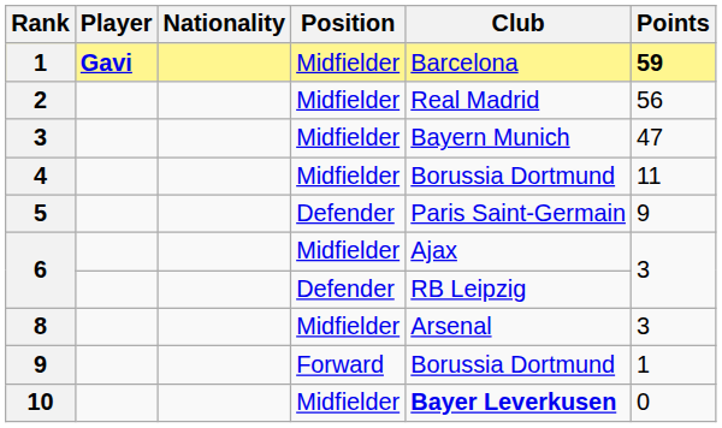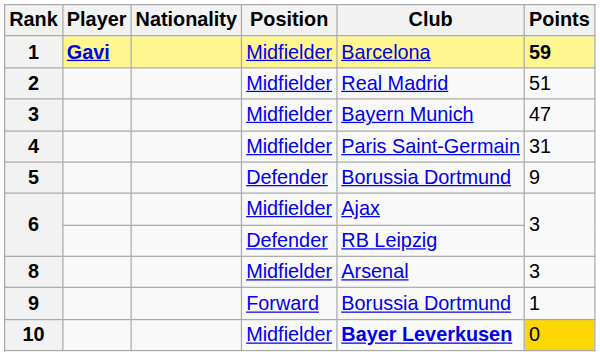 <table class="wikitable sortable">
 <tr>
 <th scope="col">Rank</th>
 <th scope="col">Player</th>
 <th scope="col">Nationality</th>
 <th scope="col">Position</th>
 <th scope="col">Club</th>
 <th scope="col">Points</th>
 </tr>
 <tr style="background-color:#FFF68F">
 <th scope="row">1</th>
 <td><strong><a href='#'>Gavi</a></strong></td>
 <td></td>
 <td><a href='#'>Midfielder</a></td>
 <td> <a href='#'>Barcelona</a></td>
 <td><strong>59</strong></td>
 </tr>
 <tr>
 <th scope="row">2</th>
 <td></td>
 <td></td>
 <td><a href='#'>Midfielder</a></td>
 <td> <a href='#'>Real Madrid</a></td>
-<td>56</td>
+<td>51</td>
 </tr>
 <tr>
 <th scope="row">3</th>
 <td></td>
 <td></td>
 <td><a href='#'>Midfielder</a></td>
 <td> <a href='#'>Bayern Munich</a></td>
 <td>47</td>
 </tr>
 <tr>
 <th scope="row">4</th>
 <td></td>
 <td></td>
 <td><a href='#'>Midfielder</a></td>
-<td> <a href='#'>Borussia Dortmund</a></td>
-<td>11</td>
+<td> <a href='#'>Paris Saint-Germain</a></td>
+<td>31</td>
 </tr>
 <tr>
 <th scope="row">5</th>
 <td></td>
 <td></td>
 <td><a href='#'>Defender</a></td>
-<td> <a href='#'>Paris Saint-Germain</a></td>
+<td> <a href='#'>Borussia Dortmund</a></td>
 <td>9</td>
 </tr>
 <tr>
 <th scope="rowgroup" rowspan="2">6</th>
 <td></td>
 <td></td>
 <td><a href='#'>Midfielder</a></td>
 <td> <a href='#'>Ajax</a></td>
 <td rowspan="2">3</td>
 </tr>
 <tr>
 <td></td>
 <td></td>
 <td><a href='#'>Defender</a></td>
 <td> <a href='#'>RB Leipzig</a></td>
 </tr>
 <tr>
 <th scope="row">8</th>
 <td></td>
 <td></td>
 <td><a href='#'>Midfielder</a></td>
 <td> <a href='#'>Arsenal</a></td>
 <td>3</td>
 </tr>
 <tr>
 <th scope="row">9</th>
 <td></td>
 <td></td>
 <td><a href='#'>Forward</a></td>
 <td> <a href='#'>Borussia Dortmund</a></td>
 <td>1</td>
 </tr>
 <tr>
 <th scope="row">10</th>
 <td></td>
 <td></td>
 <td><a href='#'>Midfielder</a></td>
 <td><strong> <a href='#'>Bayer Leverkusen</a></strong></td>
-<td>0</td>
+<td style="background: gold;">0</td>
 </tr>
 </table>
